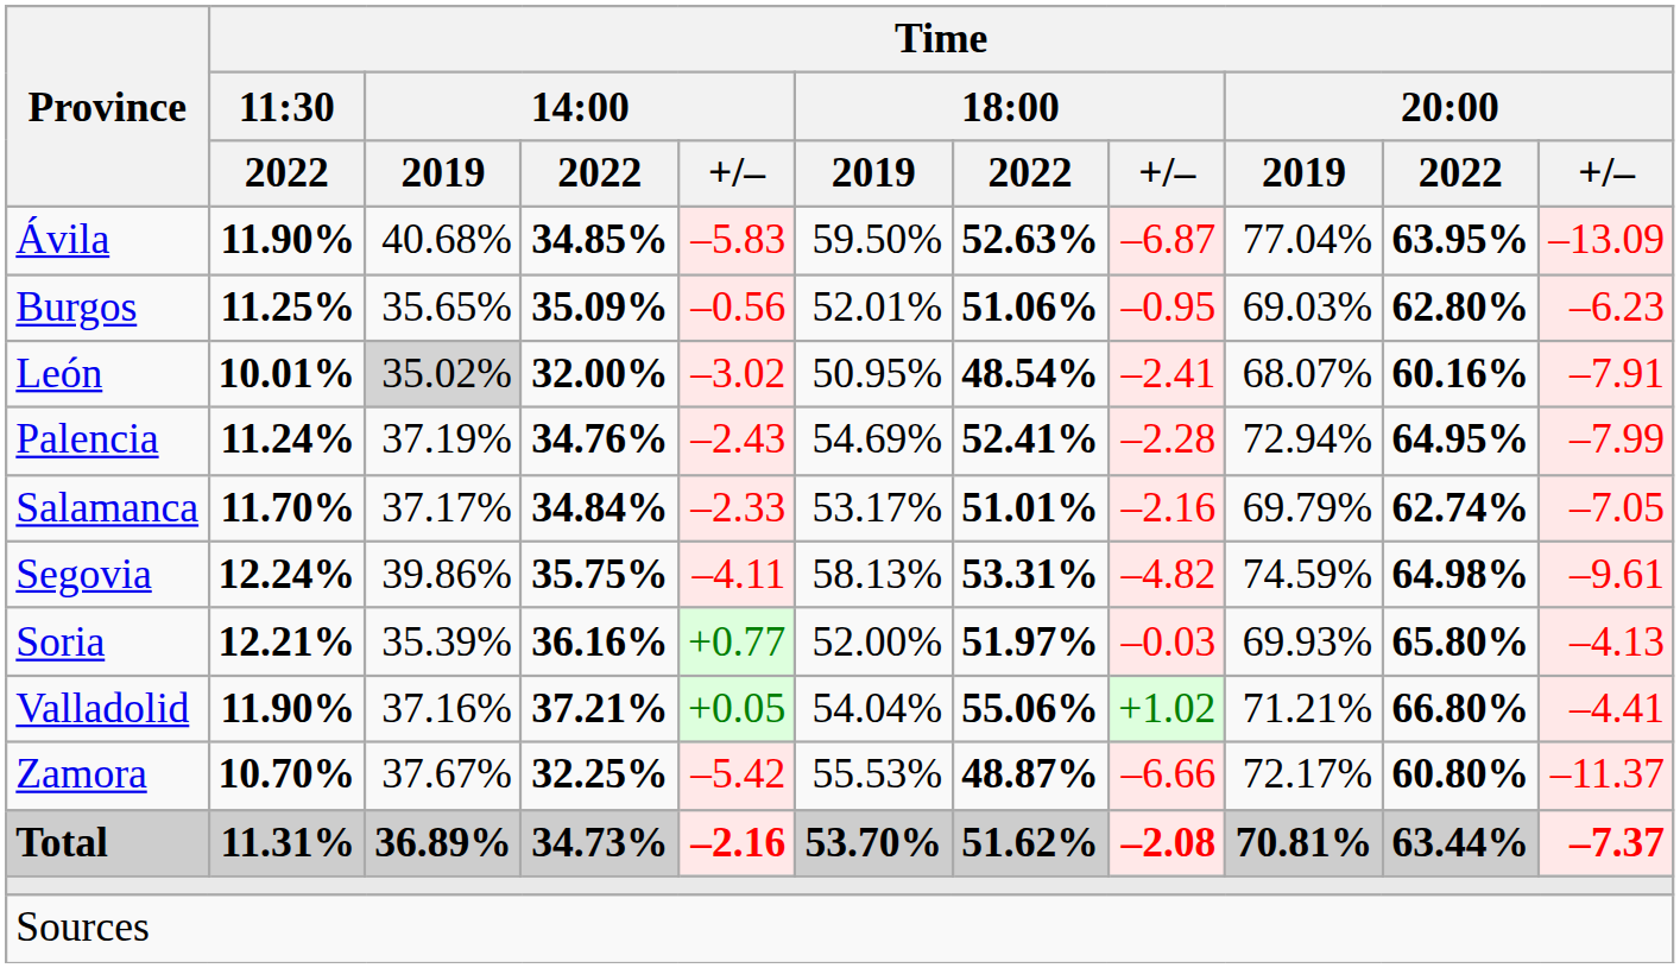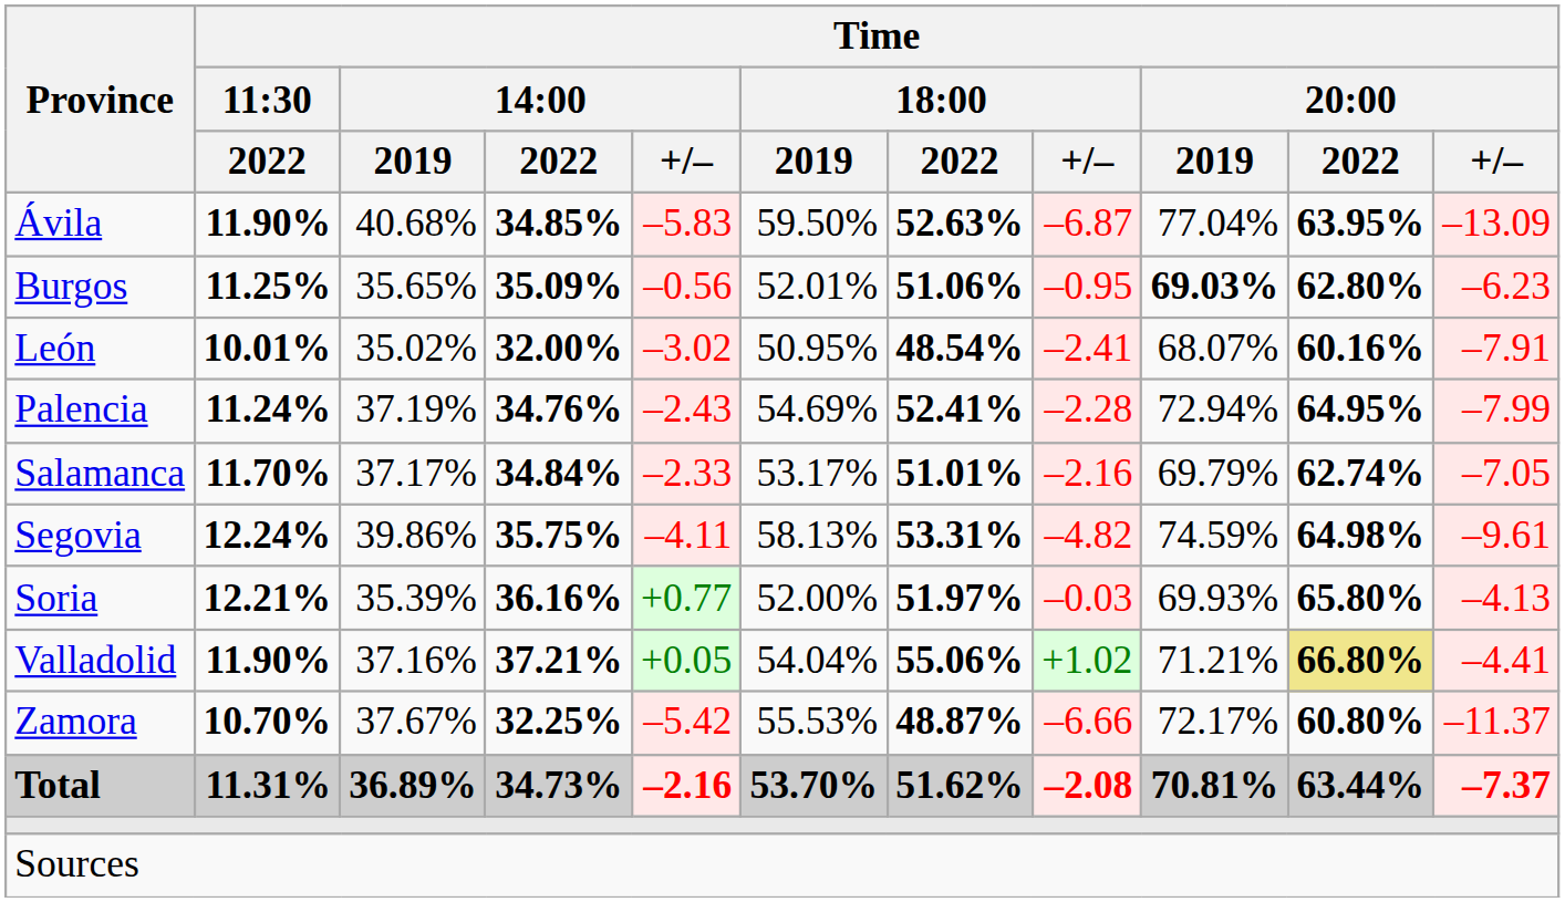 <table class="wikitable sortable" style="text-align:right;">
 <tr>
 <th rowspan="3">Province</th>
 <th colspan="11">Time</th>
 </tr>
 <tr>
 <th>11:30</th>
 <th colspan="3">14:00</th>
 <th colspan="3">18:00</th>
 <th colspan="3">20:00</th>
 </tr>
 <tr>
 <th>2022</th>
 <th>2019</th>
 <th>2022</th>
 <th>+/–</th>
 <th>2019</th>
 <th>2022</th>
 <th>+/–</th>
 <th>2019</th>
 <th>2022</th>
 <th>+/–</th>
 </tr>
 <tr>
 <td align="left"><a href='#'>Ávila</a></td>
 <td><strong>11.90%</strong></td>
 <td>40.68%</td>
 <td><strong>34.85%</strong></td>
 <td style="background:#FFE8E8; color:red;">–5.83</td>
 <td>59.50%</td>
 <td><strong>52.63%</strong></td>
 <td style="background:#FFE8E8; color:red;">–6.87</td>
 <td>77.04%</td>
 <td><strong>63.95%</strong></td>
 <td style="background:#FFE8E8; color:red;">–13.09</td>
 </tr>
 <tr>
 <td align="left"><a href='#'>Burgos</a></td>
 <td><strong>11.25%</strong></td>
 <td>35.65%</td>
 <td><strong>35.09%</strong></td>
 <td style="background:#FFE8E8; color:red;">–0.56</td>
 <td>52.01%</td>
 <td><strong>51.06%</strong></td>
 <td style="background:#FFE8E8; color:red;">–0.95</td>
-<td>69.03%</td>
+<td><strong>69.03%</strong></td>
 <td><strong>62.80%</strong></td>
 <td style="background:#FFE8E8; color:red;">–6.23</td>
 </tr>
 <tr>
 <td align="left"><a href='#'>León</a></td>
 <td><strong>10.01%</strong></td>
-<td style="background: lightgrey;">35.02%</td>
+<td>35.02%</td>
 <td><strong>32.00%</strong></td>
 <td style="background:#FFE8E8; color:red;">–3.02</td>
 <td>50.95%</td>
 <td><strong>48.54%</strong></td>
 <td style="background:#FFE8E8; color:red;">–2.41</td>
 <td>68.07%</td>
 <td><strong>60.16%</strong></td>
 <td style="background:#FFE8E8; color:red;">–7.91</td>
 </tr>
 <tr>
 <td align="left"><a href='#'>Palencia</a></td>
 <td><strong>11.24%</strong></td>
 <td>37.19%</td>
 <td><strong>34.76%</strong></td>
 <td style="background:#FFE8E8; color:red;">–2.43</td>
 <td>54.69%</td>
 <td><strong>52.41%</strong></td>
 <td style="background:#FFE8E8; color:red;">–2.28</td>
 <td>72.94%</td>
 <td><strong>64.95%</strong></td>
 <td style="background:#FFE8E8; color:red;">–7.99</td>
 </tr>
 <tr>
 <td align="left"><a href='#'>Salamanca</a></td>
 <td><strong>11.70%</strong></td>
 <td>37.17%</td>
 <td><strong>34.84%</strong></td>
 <td style="background:#FFE8E8; color:red;">–2.33</td>
 <td>53.17%</td>
 <td><strong>51.01%</strong></td>
 <td style="background:#FFE8E8; color:red;">–2.16</td>
 <td>69.79%</td>
 <td><strong>62.74%</strong></td>
 <td style="background:#FFE8E8; color:red;">–7.05</td>
 </tr>
 <tr>
 <td align="left"><a href='#'>Segovia</a></td>
 <td><strong>12.24%</strong></td>
 <td>39.86%</td>
 <td><strong>35.75%</strong></td>
 <td style="background:#FFE8E8; color:red;">–4.11</td>
 <td>58.13%</td>
 <td><strong>53.31%</strong></td>
 <td style="background:#FFE8E8; color:red;">–4.82</td>
 <td>74.59%</td>
 <td><strong>64.98%</strong></td>
 <td style="background:#FFE8E8; color:red;">–9.61</td>
 </tr>
 <tr>
 <td align="left"><a href='#'>Soria</a></td>
 <td><strong>12.21%</strong></td>
 <td>35.39%</td>
 <td><strong>36.16%</strong></td>
 <td style="background:#DDFFDD; color:green;">+0.77</td>
 <td>52.00%</td>
 <td><strong>51.97%</strong></td>
 <td style="background:#FFE8E8; color:red;">–0.03</td>
 <td>69.93%</td>
 <td><strong>65.80%</strong></td>
 <td style="background:#FFE8E8; color:red;">–4.13</td>
 </tr>
 <tr>
 <td align="left"><a href='#'>Valladolid</a></td>
 <td><strong>11.90%</strong></td>
 <td>37.16%</td>
 <td><strong>37.21%</strong></td>
 <td style="background:#DDFFDD; color:green;">+0.05</td>
 <td>54.04%</td>
 <td><strong>55.06%</strong></td>
 <td style="background:#DDFFDD; color:green;">+1.02</td>
 <td>71.21%</td>
-<td><strong>66.80%</strong></td>
+<td style="background: khaki;"><strong>66.80%</strong></td>
 <td style="background:#FFE8E8; color:red;">–4.41</td>
 </tr>
 <tr>
 <td align="left"><a href='#'>Zamora</a></td>
 <td><strong>10.70%</strong></td>
 <td>37.67%</td>
 <td><strong>32.25%</strong></td>
 <td style="background:#FFE8E8; color:red;">–5.42</td>
 <td>55.53%</td>
 <td><strong>48.87%</strong></td>
 <td style="background:#FFE8E8; color:red;">–6.66</td>
 <td>72.17%</td>
 <td><strong>60.80%</strong></td>
 <td style="background:#FFE8E8; color:red;">–11.37</td>
 </tr>
 <tr style="background:#CDCDCD;">
 <td align="left"><strong>Total</strong></td>
 <td><strong>11.31%</strong></td>
 <td><strong>36.89%</strong></td>
 <td><strong>34.73%</strong></td>
 <td style="background:#FFE8E8; color:red;"><strong>–2.16</strong></td>
 <td><strong>53.70%</strong></td>
 <td><strong>51.62%</strong></td>
 <td style="background:#FFE8E8; color:red;"><strong>–2.08</strong></td>
 <td><strong>70.81%</strong></td>
 <td><strong>63.44%</strong></td>
 <td style="background:#FFE8E8; color:red;"><strong>–7.37</strong></td>
 </tr>
 <tr>
 <td colspan="11" bgcolor="#E9E9E9"></td>
 </tr>
 <tr>
 <td align="left" colspan="11">Sources</td>
 </tr>
 </table>
